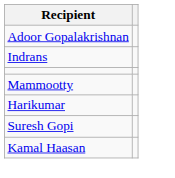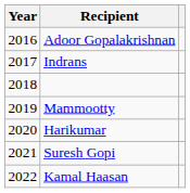 <table class="wikitable">
 <tr>
+<th>Year</th>
 <th>Recipient</th>
 <th></th>
 </tr>
 <tr>
+<td>2016</td>
 <td><a href='#'>Adoor Gopalakrishnan</a></td>
 <td></td>
 </tr>
 <tr>
+<td>2017</td>
 <td><a href='#'>Indrans</a></td>
 <td></td>
 </tr>
 <tr>
+<td>2018</td>
 <td></td>
 <td></td>
 </tr>
 <tr>
+<td>2019</td>
 <td><a href='#'>Mammootty</a></td>
 <td></td>
 </tr>
 <tr>
+<td>2020</td>
 <td><a href='#'>Harikumar</a></td>
 <td></td>
 </tr>
 <tr>
+<td>2021</td>
 <td><a href='#'>Suresh Gopi</a></td>
 <td></td>
 </tr>
 <tr>
+<td>2022</td>
 <td><a href='#'>Kamal Haasan</a></td>
 <td></td>
 </tr>
 </table>
